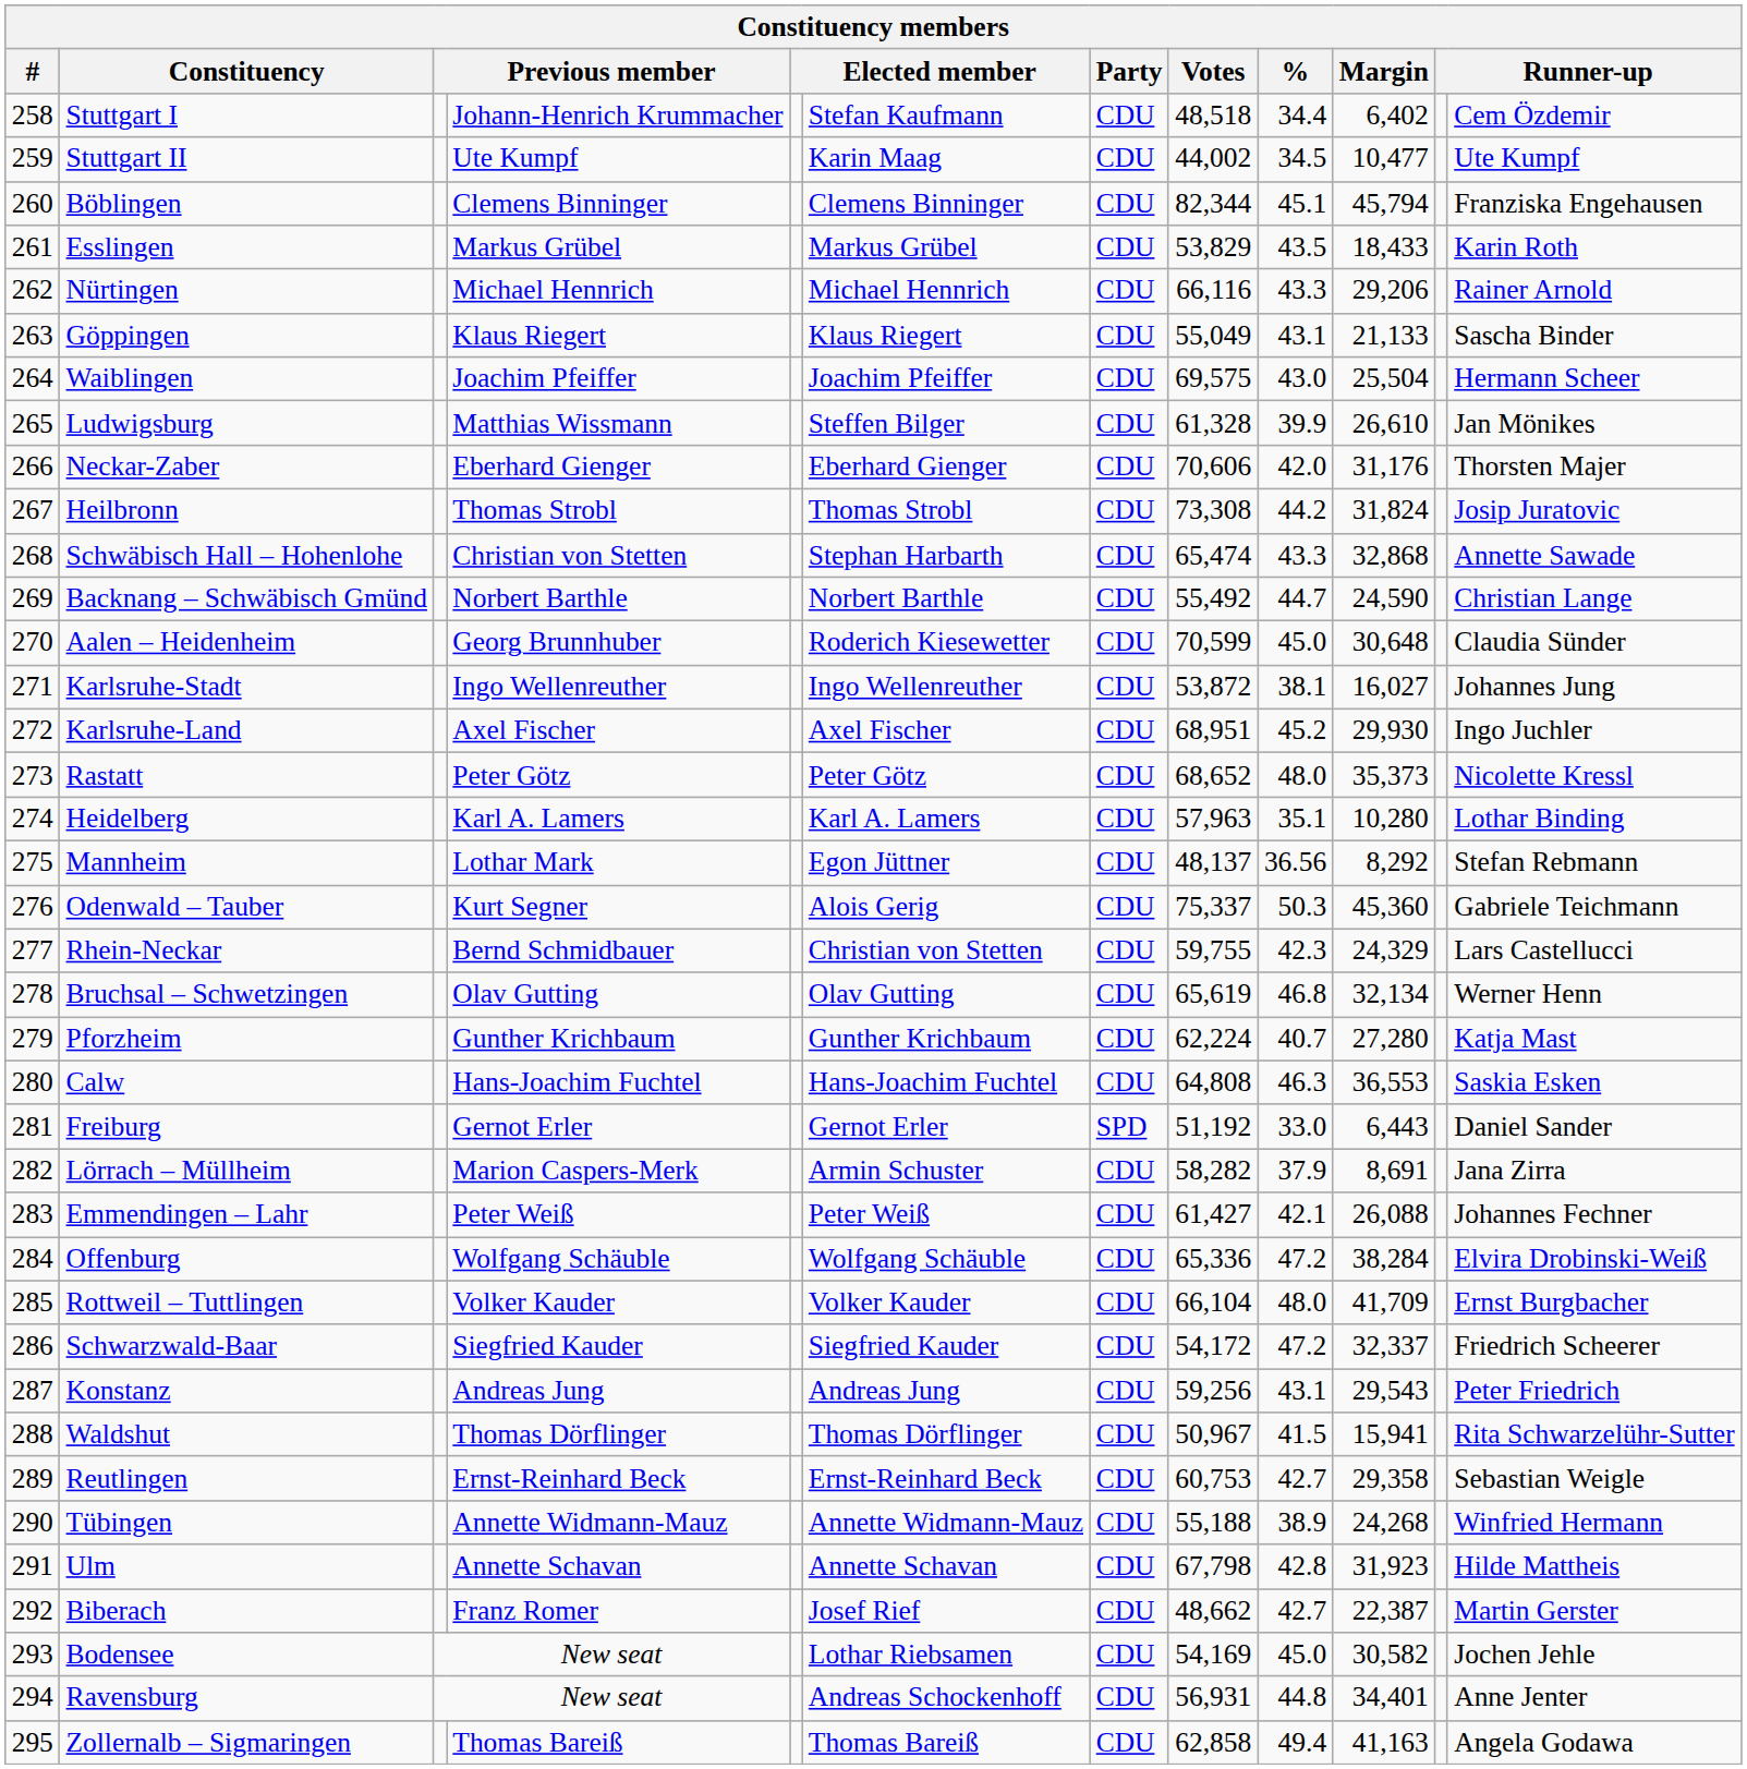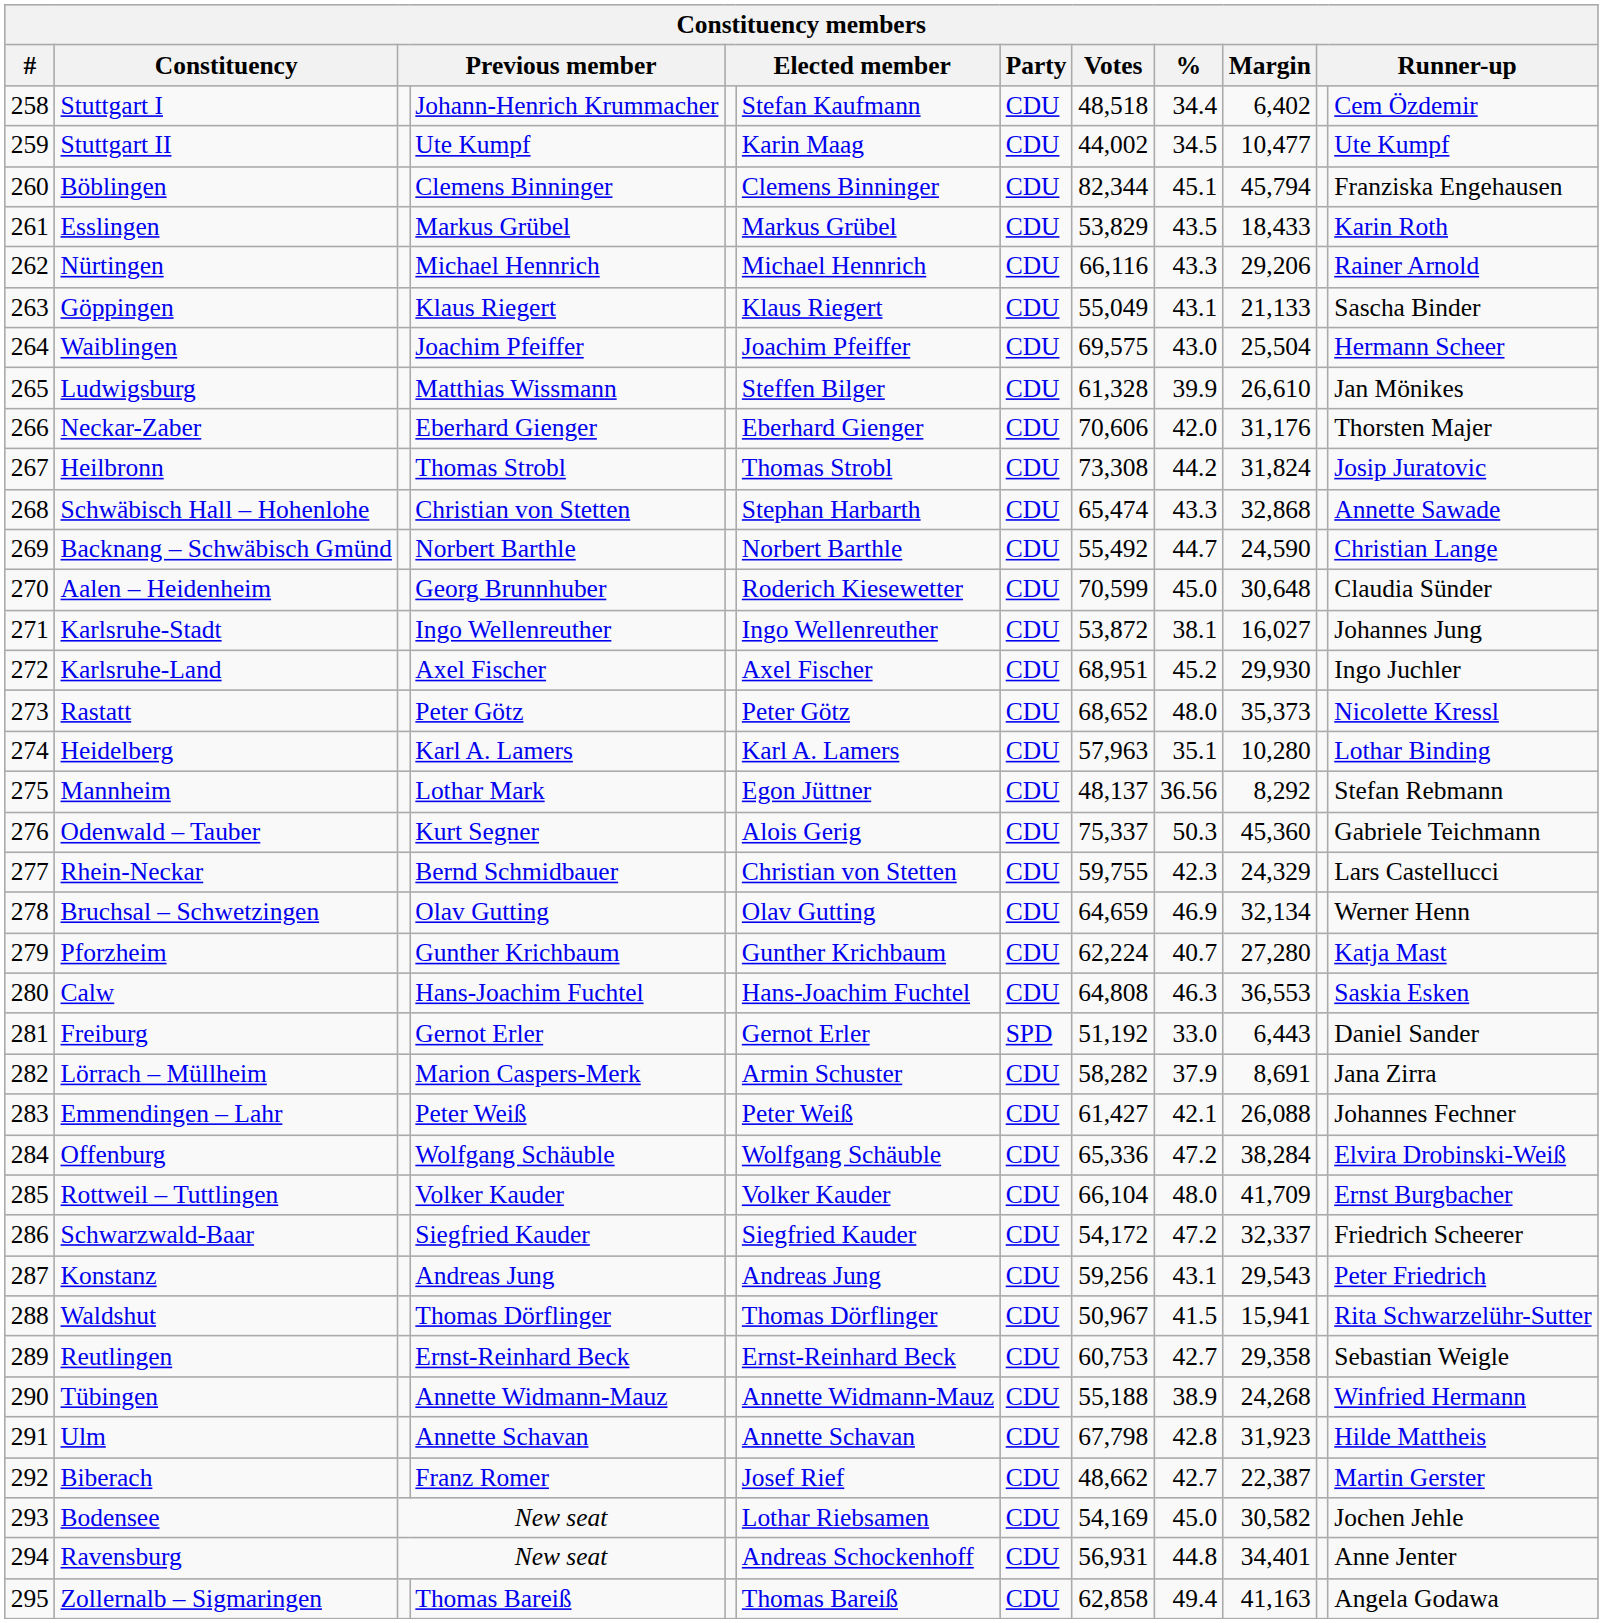 <table class="wikitable sortable" style="text-align:right">
 <tr>
 <th colspan="12">Constituency members</th>
 </tr>
 <tr>
 <th>#</th>
 <th>Constituency</th>
 <th colspan="2">Previous member</th>
 <th colspan="2">Elected member</th>
 <th>Party</th>
 <th>Votes</th>
 <th>%</th>
 <th>Margin</th>
 <th colspan="2">Runner-up</th>
 </tr>
 <tr>
 <td>258</td>
 <td align=left><a href='#'>Stuttgart I</a></td>
 <td bgcolor=></td>
 <td align=left><a href='#'>Johann-Henrich Krummacher</a></td>
 <td></td>
 <td align=left><a href='#'>Stefan Kaufmann</a></td>
 <td align=left><a href='#'>CDU</a></td>
 <td>48,518</td>
 <td>34.4</td>
 <td>6,402</td>
 <td bgcolor=></td>
 <td align=left><a href='#'>Cem Özdemir</a></td>
 </tr>
 <tr>
 <td>259</td>
 <td align=left><a href='#'>Stuttgart II</a></td>
 <td bgcolor=></td>
 <td align=left><a href='#'>Ute Kumpf</a></td>
 <td></td>
 <td align=left><a href='#'>Karin Maag</a></td>
 <td align=left><a href='#'>CDU</a></td>
 <td>44,002</td>
 <td>34.5</td>
 <td>10,477</td>
 <td bgcolor=></td>
 <td align=left><a href='#'>Ute Kumpf</a></td>
 </tr>
 <tr>
 <td>260</td>
 <td align=left><a href='#'>Böblingen</a></td>
 <td bgcolor=></td>
 <td align=left><a href='#'>Clemens Binninger</a></td>
 <td bgcolor=></td>
 <td align=left><a href='#'>Clemens Binninger</a></td>
 <td align=left><a href='#'>CDU</a></td>
 <td>82,344</td>
 <td>45.1</td>
 <td>45,794</td>
 <td bgcolor=></td>
 <td align=left>Franziska Engehausen</td>
 </tr>
 <tr>
 <td>261</td>
 <td align=left><a href='#'>Esslingen</a></td>
 <td bgcolor=></td>
 <td align=left><a href='#'>Markus Grübel</a></td>
 <td bgcolor=></td>
 <td align=left><a href='#'>Markus Grübel</a></td>
 <td align=left><a href='#'>CDU</a></td>
 <td>53,829</td>
 <td>43.5</td>
 <td>18,433</td>
 <td bgcolor=></td>
 <td align=left><a href='#'>Karin Roth</a></td>
 </tr>
 <tr>
 <td>262</td>
 <td align=left><a href='#'>Nürtingen</a></td>
 <td bgcolor=></td>
 <td align=left><a href='#'>Michael Hennrich</a></td>
 <td bgcolor=></td>
 <td align=left><a href='#'>Michael Hennrich</a></td>
 <td align=left><a href='#'>CDU</a></td>
 <td>66,116</td>
 <td>43.3</td>
 <td>29,206</td>
 <td bgcolor=></td>
 <td align=left><a href='#'>Rainer Arnold</a></td>
 </tr>
 <tr>
 <td>263</td>
 <td align=left><a href='#'>Göppingen</a></td>
 <td bgcolor=></td>
 <td align=left><a href='#'>Klaus Riegert</a></td>
 <td bgcolor=></td>
 <td align=left><a href='#'>Klaus Riegert</a></td>
 <td align=left><a href='#'>CDU</a></td>
 <td>55,049</td>
 <td>43.1</td>
 <td>21,133</td>
 <td bgcolor=></td>
 <td align=left>Sascha Binder</td>
 </tr>
 <tr>
 <td>264</td>
 <td align=left><a href='#'>Waiblingen</a></td>
 <td bgcolor=></td>
 <td align=left><a href='#'>Joachim Pfeiffer</a></td>
 <td bgcolor=></td>
 <td align=left><a href='#'>Joachim Pfeiffer</a></td>
 <td align=left><a href='#'>CDU</a></td>
 <td>69,575</td>
 <td>43.0</td>
 <td>25,504</td>
 <td bgcolor=></td>
 <td align=left><a href='#'>Hermann Scheer</a></td>
 </tr>
 <tr>
 <td>265</td>
 <td align=left><a href='#'>Ludwigsburg</a></td>
 <td bgcolor=></td>
 <td align=left><a href='#'>Matthias Wissmann</a></td>
 <td bgcolor=></td>
 <td align=left><a href='#'>Steffen Bilger</a></td>
 <td align=left><a href='#'>CDU</a></td>
 <td>61,328</td>
 <td>39.9</td>
 <td>26,610</td>
 <td bgcolor=></td>
 <td align=left>Jan Mönikes</td>
 </tr>
 <tr>
 <td>266</td>
 <td align=left><a href='#'>Neckar-Zaber</a></td>
 <td bgcolor=></td>
 <td align=left><a href='#'>Eberhard Gienger</a></td>
 <td bgcolor=></td>
 <td align=left><a href='#'>Eberhard Gienger</a></td>
 <td align=left><a href='#'>CDU</a></td>
 <td>70,606</td>
 <td>42.0</td>
 <td>31,176</td>
 <td bgcolor=></td>
 <td align=left>Thorsten Majer</td>
 </tr>
 <tr>
 <td>267</td>
 <td align=left><a href='#'>Heilbronn</a></td>
 <td bgcolor=></td>
 <td align=left><a href='#'>Thomas Strobl</a></td>
 <td bgcolor=></td>
 <td align=left><a href='#'>Thomas Strobl</a></td>
 <td align=left><a href='#'>CDU</a></td>
 <td>73,308</td>
 <td>44.2</td>
 <td>31,824</td>
 <td bgcolor=></td>
 <td align=left><a href='#'>Josip Juratovic</a></td>
 </tr>
 <tr>
 <td>268</td>
 <td align=left><a href='#'>Schwäbisch Hall – Hohenlohe</a></td>
 <td bgcolor=></td>
 <td align=left><a href='#'>Christian von Stetten</a></td>
 <td bgcolor=></td>
 <td align=left><a href='#'>Stephan Harbarth</a></td>
 <td align=left><a href='#'>CDU</a></td>
 <td>65,474</td>
 <td>43.3</td>
 <td>32,868</td>
 <td bgcolor=></td>
 <td align=left><a href='#'>Annette Sawade</a></td>
 </tr>
 <tr>
 <td>269</td>
 <td align=left><a href='#'>Backnang – Schwäbisch Gmünd</a></td>
 <td bgcolor=></td>
 <td align=left><a href='#'>Norbert Barthle</a></td>
 <td bgcolor=></td>
 <td align=left><a href='#'>Norbert Barthle</a></td>
 <td align=left><a href='#'>CDU</a></td>
 <td>55,492</td>
 <td>44.7</td>
 <td>24,590</td>
 <td bgcolor=></td>
 <td align=left><a href='#'>Christian Lange</a></td>
 </tr>
 <tr>
 <td>270</td>
 <td align=left><a href='#'>Aalen – Heidenheim</a></td>
 <td bgcolor=></td>
 <td align=left><a href='#'>Georg Brunnhuber</a></td>
 <td bgcolor=></td>
 <td align=left><a href='#'>Roderich Kiesewetter</a></td>
 <td align=left><a href='#'>CDU</a></td>
 <td>70,599</td>
 <td>45.0</td>
 <td>30,648</td>
 <td bgcolor=></td>
 <td align=left>Claudia Sünder</td>
 </tr>
 <tr>
 <td>271</td>
 <td align=left><a href='#'>Karlsruhe-Stadt</a></td>
 <td bgcolor=></td>
 <td align=left><a href='#'>Ingo Wellenreuther</a></td>
 <td bgcolor=></td>
 <td align=left><a href='#'>Ingo Wellenreuther</a></td>
 <td align=left><a href='#'>CDU</a></td>
 <td>53,872</td>
 <td>38.1</td>
 <td>16,027</td>
 <td bgcolor=></td>
 <td align=left>Johannes Jung</td>
 </tr>
 <tr>
 <td>272</td>
 <td align=left><a href='#'>Karlsruhe-Land</a></td>
 <td bgcolor=></td>
 <td align=left><a href='#'>Axel Fischer</a></td>
 <td bgcolor=></td>
 <td align=left><a href='#'>Axel Fischer</a></td>
 <td align=left><a href='#'>CDU</a></td>
 <td>68,951</td>
 <td>45.2</td>
 <td>29,930</td>
 <td bgcolor=></td>
 <td align=left>Ingo Juchler</td>
 </tr>
 <tr>
 <td>273</td>
 <td align=left><a href='#'>Rastatt</a></td>
 <td bgcolor=></td>
 <td align=left><a href='#'>Peter Götz</a></td>
 <td bgcolor=></td>
 <td align=left><a href='#'>Peter Götz</a></td>
 <td align=left><a href='#'>CDU</a></td>
 <td>68,652</td>
 <td>48.0</td>
 <td>35,373</td>
 <td bgcolor=></td>
 <td align=left><a href='#'>Nicolette Kressl</a></td>
 </tr>
 <tr>
 <td>274</td>
 <td align=left><a href='#'>Heidelberg</a></td>
 <td bgcolor=></td>
 <td align=left><a href='#'>Karl A. Lamers</a></td>
 <td bgcolor=></td>
 <td align=left><a href='#'>Karl A. Lamers</a></td>
 <td align=left><a href='#'>CDU</a></td>
 <td>57,963</td>
 <td>35.1</td>
 <td>10,280</td>
 <td bgcolor=></td>
 <td align=left><a href='#'>Lothar Binding</a></td>
 </tr>
 <tr>
 <td>275</td>
 <td align=left><a href='#'>Mannheim</a></td>
 <td bgcolor=></td>
 <td align=left><a href='#'>Lothar Mark</a></td>
 <td></td>
 <td align=left><a href='#'>Egon Jüttner</a></td>
 <td align="left"><a href='#'>CDU</a></td>
 <td>48,137</td>
 <td>36.56</td>
 <td>8,292</td>
 <td bgcolor=></td>
 <td align=left>Stefan Rebmann</td>
 </tr>
 <tr>
 <td>276</td>
 <td align=left><a href='#'>Odenwald – Tauber</a></td>
 <td bgcolor=></td>
 <td align=left><a href='#'>Kurt Segner</a></td>
 <td></td>
 <td align=left><a href='#'>Alois Gerig</a></td>
 <td align=left><a href='#'>CDU</a></td>
 <td>75,337</td>
 <td>50.3</td>
 <td>45,360</td>
 <td bgcolor=></td>
 <td align=left>Gabriele Teichmann</td>
 </tr>
 <tr>
 <td>277</td>
 <td align=left><a href='#'>Rhein-Neckar</a></td>
 <td bgcolor=></td>
 <td align=left><a href='#'>Bernd Schmidbauer</a></td>
 <td bgcolor=></td>
 <td align=left><a href='#'>Christian von Stetten</a></td>
 <td align=left><a href='#'>CDU</a></td>
 <td>59,755</td>
 <td>42.3</td>
 <td>24,329</td>
 <td bgcolor=></td>
 <td align=left>Lars Castellucci</td>
 </tr>
 <tr>
 <td>278</td>
 <td align=left><a href='#'>Bruchsal – Schwetzingen</a></td>
 <td bgcolor=></td>
 <td align=left><a href='#'>Olav Gutting</a></td>
 <td bgcolor=></td>
 <td align=left><a href='#'>Olav Gutting</a></td>
 <td align=left><a href='#'>CDU</a></td>
-<td>65,619</td>
-<td>46.8</td>
+<td>64,659</td>
+<td>46.9</td>
 <td>32,134</td>
 <td bgcolor=></td>
 <td align=left>Werner Henn</td>
 </tr>
 <tr>
 <td>279</td>
 <td align=left><a href='#'>Pforzheim</a></td>
 <td bgcolor=></td>
 <td align=left><a href='#'>Gunther Krichbaum</a></td>
 <td bgcolor=></td>
 <td align=left><a href='#'>Gunther Krichbaum</a></td>
 <td align=left><a href='#'>CDU</a></td>
 <td>62,224</td>
 <td>40.7</td>
 <td>27,280</td>
 <td bgcolor=></td>
 <td align=left><a href='#'>Katja Mast</a></td>
 </tr>
 <tr>
 <td>280</td>
 <td align=left><a href='#'>Calw</a></td>
 <td bgcolor=></td>
 <td align=left><a href='#'>Hans-Joachim Fuchtel</a></td>
 <td bgcolor=></td>
 <td align=left><a href='#'>Hans-Joachim Fuchtel</a></td>
 <td align=left><a href='#'>CDU</a></td>
 <td>64,808</td>
 <td>46.3</td>
 <td>36,553</td>
 <td bgcolor=></td>
 <td align=left><a href='#'>Saskia Esken</a></td>
 </tr>
 <tr>
 <td>281</td>
 <td align=left><a href='#'>Freiburg</a></td>
 <td bgcolor=></td>
 <td align=left><a href='#'>Gernot Erler</a></td>
 <td bgcolor=></td>
 <td align=left><a href='#'>Gernot Erler</a></td>
 <td align=left><a href='#'>SPD</a></td>
 <td>51,192</td>
 <td>33.0</td>
 <td>6,443</td>
 <td bgcolor=></td>
 <td align=left>Daniel Sander</td>
 </tr>
 <tr>
 <td>282</td>
 <td align=left><a href='#'>Lörrach – Müllheim</a></td>
 <td bgcolor=></td>
 <td align=left><a href='#'>Marion Caspers-Merk</a></td>
 <td bgcolor=></td>
 <td align=left><a href='#'>Armin Schuster</a></td>
 <td align=left><a href='#'>CDU</a></td>
 <td>58,282</td>
 <td>37.9</td>
 <td>8,691</td>
 <td bgcolor=></td>
 <td align=left>Jana Zirra</td>
 </tr>
 <tr>
 <td>283</td>
 <td align=left><a href='#'>Emmendingen – Lahr</a></td>
 <td bgcolor=></td>
 <td align=left><a href='#'>Peter Weiß</a></td>
 <td bgcolor=></td>
 <td align=left><a href='#'>Peter Weiß</a></td>
 <td align=left><a href='#'>CDU</a></td>
 <td>61,427</td>
 <td>42.1</td>
 <td>26,088</td>
 <td bgcolor=></td>
 <td align=left>Johannes Fechner</td>
 </tr>
 <tr>
 <td>284</td>
 <td align=left><a href='#'>Offenburg</a></td>
 <td bgcolor=></td>
 <td align=left><a href='#'>Wolfgang Schäuble</a></td>
 <td bgcolor=></td>
 <td align=left><a href='#'>Wolfgang Schäuble</a></td>
 <td align=left><a href='#'>CDU</a></td>
 <td>65,336</td>
 <td>47.2</td>
 <td>38,284</td>
 <td bgcolor=></td>
 <td align=left><a href='#'>Elvira Drobinski-Weiß</a></td>
 </tr>
 <tr>
 <td>285</td>
 <td align=left><a href='#'>Rottweil – Tuttlingen</a></td>
 <td bgcolor=></td>
 <td align=left><a href='#'>Volker Kauder</a></td>
 <td bgcolor=></td>
 <td align=left><a href='#'>Volker Kauder</a></td>
 <td align=left><a href='#'>CDU</a></td>
 <td>66,104</td>
 <td>48.0</td>
 <td>41,709</td>
 <td bgcolor=></td>
 <td align=left><a href='#'>Ernst Burgbacher</a></td>
 </tr>
 <tr>
 <td>286</td>
 <td align=left><a href='#'>Schwarzwald-Baar</a></td>
 <td bgcolor=></td>
 <td align=left><a href='#'>Siegfried Kauder</a></td>
 <td></td>
 <td align=left><a href='#'>Siegfried Kauder</a></td>
 <td align="left"><a href='#'>CDU</a></td>
 <td>54,172</td>
 <td>47.2</td>
 <td>32,337</td>
 <td bgcolor=></td>
 <td align=left>Friedrich Scheerer</td>
 </tr>
 <tr>
 <td>287</td>
 <td align=left><a href='#'>Konstanz</a></td>
 <td bgcolor=></td>
 <td align=left><a href='#'>Andreas Jung</a></td>
 <td bgcolor=></td>
 <td align=left><a href='#'>Andreas Jung</a></td>
 <td align="left"><a href='#'>CDU</a></td>
 <td>59,256</td>
 <td>43.1</td>
 <td>29,543</td>
 <td bgcolor=></td>
 <td align=left><a href='#'>Peter Friedrich</a></td>
 </tr>
 <tr>
 <td>288</td>
 <td align=left><a href='#'>Waldshut</a></td>
 <td bgcolor=></td>
 <td align=left><a href='#'>Thomas Dörflinger</a></td>
 <td></td>
 <td align=left><a href='#'>Thomas Dörflinger</a></td>
 <td align="left"><a href='#'>CDU</a></td>
 <td>50,967</td>
 <td>41.5</td>
 <td>15,941</td>
 <td bgcolor=></td>
 <td align=left><a href='#'>Rita Schwarzelühr-Sutter</a></td>
 </tr>
 <tr>
 <td>289</td>
 <td align=left><a href='#'>Reutlingen</a></td>
 <td bgcolor=></td>
 <td align=left><a href='#'>Ernst-Reinhard Beck</a></td>
 <td bgcolor=></td>
 <td align=left><a href='#'>Ernst-Reinhard Beck</a></td>
 <td align=left><a href='#'>CDU</a></td>
 <td>60,753</td>
 <td>42.7</td>
 <td>29,358</td>
 <td bgcolor=></td>
 <td align=left>Sebastian Weigle</td>
 </tr>
 <tr>
 <td>290</td>
 <td align=left><a href='#'>Tübingen</a></td>
 <td bgcolor=></td>
 <td align=left><a href='#'>Annette Widmann-Mauz</a></td>
 <td bgcolor=></td>
 <td align=left><a href='#'>Annette Widmann-Mauz</a></td>
 <td align=left><a href='#'>CDU</a></td>
 <td>55,188</td>
 <td>38.9</td>
 <td>24,268</td>
 <td bgcolor=></td>
 <td align=left><a href='#'>Winfried Hermann</a></td>
 </tr>
 <tr>
 <td>291</td>
 <td align=left><a href='#'>Ulm</a></td>
 <td bgcolor=></td>
 <td align=left><a href='#'>Annette Schavan</a></td>
 <td bgcolor=></td>
 <td align=left><a href='#'>Annette Schavan</a></td>
 <td align=left><a href='#'>CDU</a></td>
 <td>67,798</td>
 <td>42.8</td>
 <td>31,923</td>
 <td bgcolor=></td>
 <td align=left><a href='#'>Hilde Mattheis</a></td>
 </tr>
 <tr>
 <td>292</td>
 <td align=left><a href='#'>Biberach</a></td>
 <td bgcolor=></td>
 <td align=left><a href='#'>Franz Romer</a></td>
 <td></td>
 <td align=left><a href='#'>Josef Rief</a></td>
 <td align=left><a href='#'>CDU</a></td>
 <td>48,662</td>
 <td>42.7</td>
 <td>22,387</td>
 <td bgcolor=></td>
 <td align=left><a href='#'>Martin Gerster</a></td>
 </tr>
 <tr>
 <td>293</td>
 <td align=left><a href='#'>Bodensee</a></td>
 <td align=center colspan=2><em>New seat</em></td>
 <td bgcolor=></td>
 <td align=left><a href='#'>Lothar Riebsamen</a></td>
 <td align=left><a href='#'>CDU</a></td>
 <td>54,169</td>
 <td>45.0</td>
 <td>30,582</td>
 <td bgcolor=></td>
 <td align=left>Jochen Jehle</td>
 </tr>
 <tr>
 <td>294</td>
 <td align=left><a href='#'>Ravensburg</a></td>
 <td align=center colspan=2><em>New seat</em></td>
 <td bgcolor=></td>
 <td align=left><a href='#'>Andreas Schockenhoff</a></td>
 <td align=left><a href='#'>CDU</a></td>
 <td>56,931</td>
 <td>44.8</td>
 <td>34,401</td>
 <td bgcolor=></td>
 <td align=left>Anne Jenter</td>
 </tr>
 <tr>
 <td>295</td>
 <td align=left><a href='#'>Zollernalb – Sigmaringen</a></td>
 <td bgcolor=></td>
 <td align=left><a href='#'>Thomas Bareiß</a></td>
 <td bgcolor=></td>
 <td align=left><a href='#'>Thomas Bareiß</a></td>
 <td align=left><a href='#'>CDU</a></td>
 <td>62,858</td>
 <td>49.4</td>
 <td>41,163</td>
 <td bgcolor=></td>
 <td align=left>Angela Godawa</td>
 </tr>
 </table>
